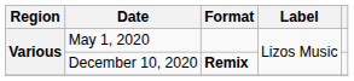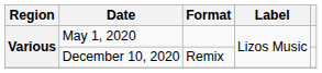 <table class="wikitable plainrowheaders">
 <tr>
 <th scope="col">Region</th>
 <th scope="col">Date</th>
 <th scope="col">Format</th>
 <th scope="col">Label</th>
 <th scope="col"></th>
 </tr>
 <tr>
 <th scope="row" rowspan="2">Various</th>
 <td>May 1, 2020</td>
 <td></td>
 <td rowspan="2">Lizos Music</td>
 <td style="text-align:center"></td>
 </tr>
 <tr>
 <td>December 10, 2020</td>
-<td><strong>Remix</strong></td>
+<td>Remix</td>
 <td style="text-align:center"></td>
 </tr>
 <tr>
 </tr>
 </table>
